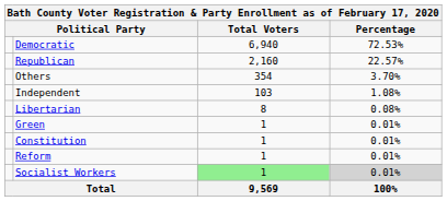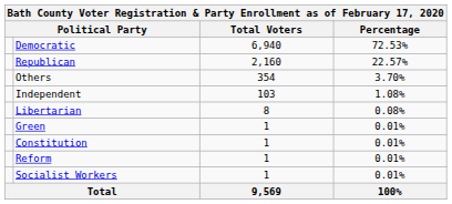 <table class="wikitable">
 <tr>
 <th colspan="6">Bath County Voter Registration & Party Enrollment as of February 17, 2020</th>
 </tr>
 <tr>
 <th colspan="2">Political Party</th>
 <th>Total Voters</th>
 <th>Percentage</th>
 </tr>
 <tr>
 <td></td>
 <td><a href='#'>Democratic</a></td>
 <td align="center">6,940</td>
 <td align="center">72.53%</td>
 </tr>
 <tr>
 <td></td>
 <td><a href='#'>Republican</a></td>
 <td align="center">2,160</td>
 <td align="center">22.57%</td>
 </tr>
 <tr>
 <td></td>
 <td>Others</td>
 <td align="center">354</td>
 <td align="center">3.70%</td>
 </tr>
 <tr>
 <td></td>
 <td>Independent</td>
 <td align="center">103</td>
 <td align="center">1.08%</td>
 </tr>
 <tr>
 <td></td>
 <td><a href='#'>Libertarian</a></td>
 <td align="center">8</td>
 <td align="center">0.08%</td>
 </tr>
 <tr>
 <td></td>
 <td><a href='#'>Green</a></td>
 <td align="center">1</td>
 <td align="center">0.01%</td>
 </tr>
 <tr>
 <td></td>
 <td><a href='#'>Constitution</a></td>
 <td align="center">1</td>
 <td align="center">0.01%</td>
 </tr>
 <tr>
 <td></td>
 <td><a href='#'>Reform</a></td>
 <td align="center">1</td>
 <td align="center">0.01%</td>
 </tr>
 <tr>
 <td></td>
 <td><a href='#'>Socialist Workers</a></td>
-<td align="center" style="background: lightgreen;">1</td>
-<td align="center" style="background: lightgrey;">0.01%</td>
+<td align="center">1</td>
+<td align="center">0.01%</td>
 </tr>
 <tr>
 <th colspan="2">Total</th>
 <th align="center">9,569</th>
 <th align="center">100%</th>
 </tr>
 </table>
